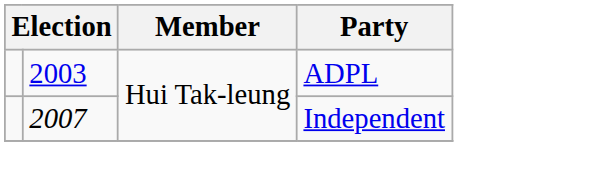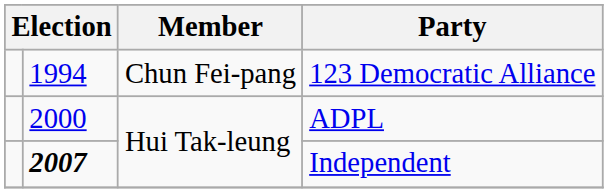 <table class="wikitable">
 <tr>
 <th colspan="2">Election</th>
 <th>Member</th>
 <th>Party</th>
 </tr>
 <tr>
 <td style="background-color: "></td>
-<td><a href='#'>2003</a></td>
+<td><a href='#'>1994</a></td>
+<td>Chun Fei-pang</td>
+<td><a href='#'>123 Democratic Alliance</a></td>
+</tr>
+<tr>
+<td style="background-color: "></td>
+<td><a href='#'>2000</a></td>
 <td rowspan=2>Hui Tak-leung</td>
 <td><a href='#'>ADPL</a></td>
 </tr>
 <tr>
 <td style="background-color:"></td>
-<td><em>2007</em></td>
+<td><strong><em>2007</em></strong></td>
 <td><a href='#'>Independent</a></td>
 </tr>
 <tr>
 </tr>
 </table>
